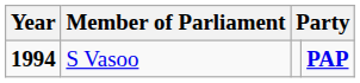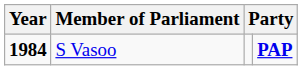 <table class="wikitable">
 <tr>
 <th>Year</th>
 <th>Member of Parliament</th>
 <th colspan="2">Party</th>
 </tr>
 <tr>
-<td><strong>1994</strong></td>
+<td><strong>1984</strong></td>
 <td><a href='#'>S Vasoo</a></td>
 <td></td>
 <td><strong><a href='#'>PAP</a></strong></td>
 </tr>
 </table>
